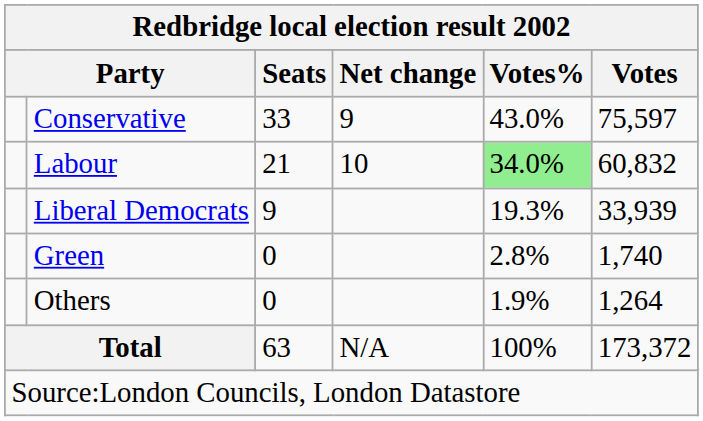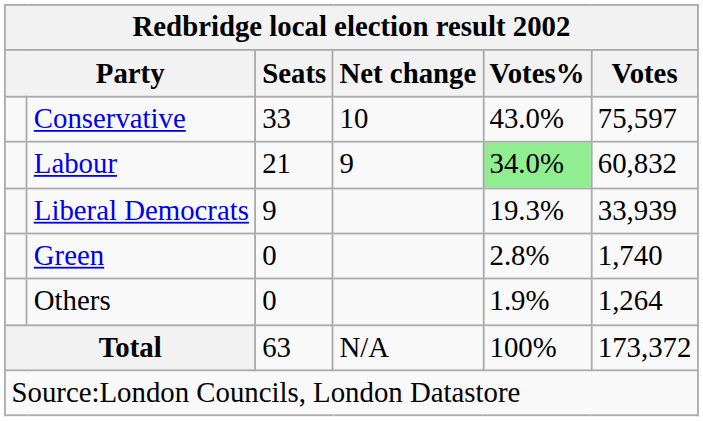 <table class="wikitable">
 <tr>
 <th colspan="6">Redbridge local election result 2002</th>
 </tr>
 <tr>
 <th colspan="2">Party</th>
 <th>Seats</th>
 <th>Net change</th>
 <th>Votes%</th>
 <th>Votes</th>
 </tr>
 <tr>
 <td width="5"></td>
 <td><a href='#'>Conservative</a></td>
 <td>33</td>
-<td>9</td>
+<td>10</td>
 <td>43.0%</td>
 <td>75,597</td>
 </tr>
 <tr>
 <td width="5"></td>
 <td><a href='#'>Labour</a></td>
 <td>21</td>
-<td>10</td>
+<td>9</td>
 <td style="background: lightgreen;">34.0%</td>
 <td>60,832</td>
 </tr>
 <tr>
 <td width="5"></td>
 <td><a href='#'>Liberal Democrats</a></td>
 <td>9</td>
 <td></td>
 <td>19.3%</td>
 <td>33,939</td>
 </tr>
 <tr>
 <td width="5"></td>
 <td><a href='#'>Green</a></td>
 <td>0</td>
 <td></td>
 <td>2.8%</td>
 <td>1,740</td>
 </tr>
 <tr>
 <td width="5"></td>
 <td>Others</td>
 <td>0</td>
 <td></td>
 <td>1.9%</td>
 <td>1,264</td>
 </tr>
 <tr>
 <th colspan="2">Total</th>
 <td>63</td>
 <td>N/A</td>
 <td>100%</td>
 <td>173,372</td>
 </tr>
 <tr>
 <td colspan="6">Source:London Councils, London Datastore</td>
 </tr>
 </table>
